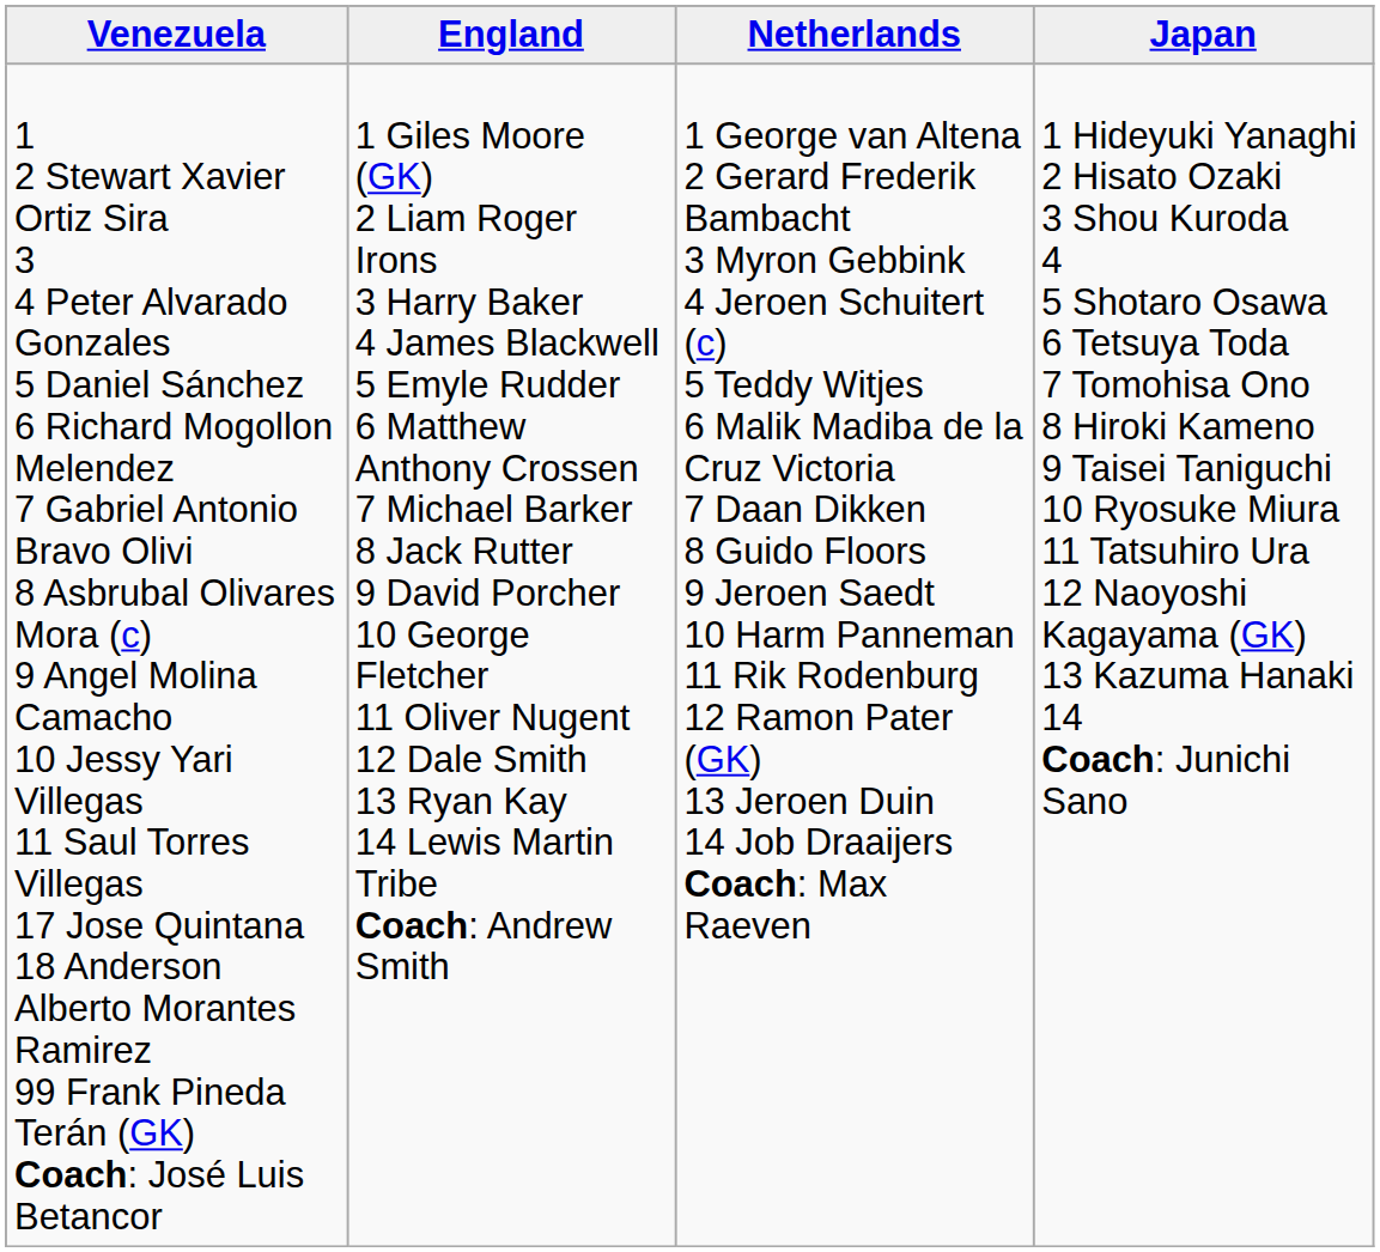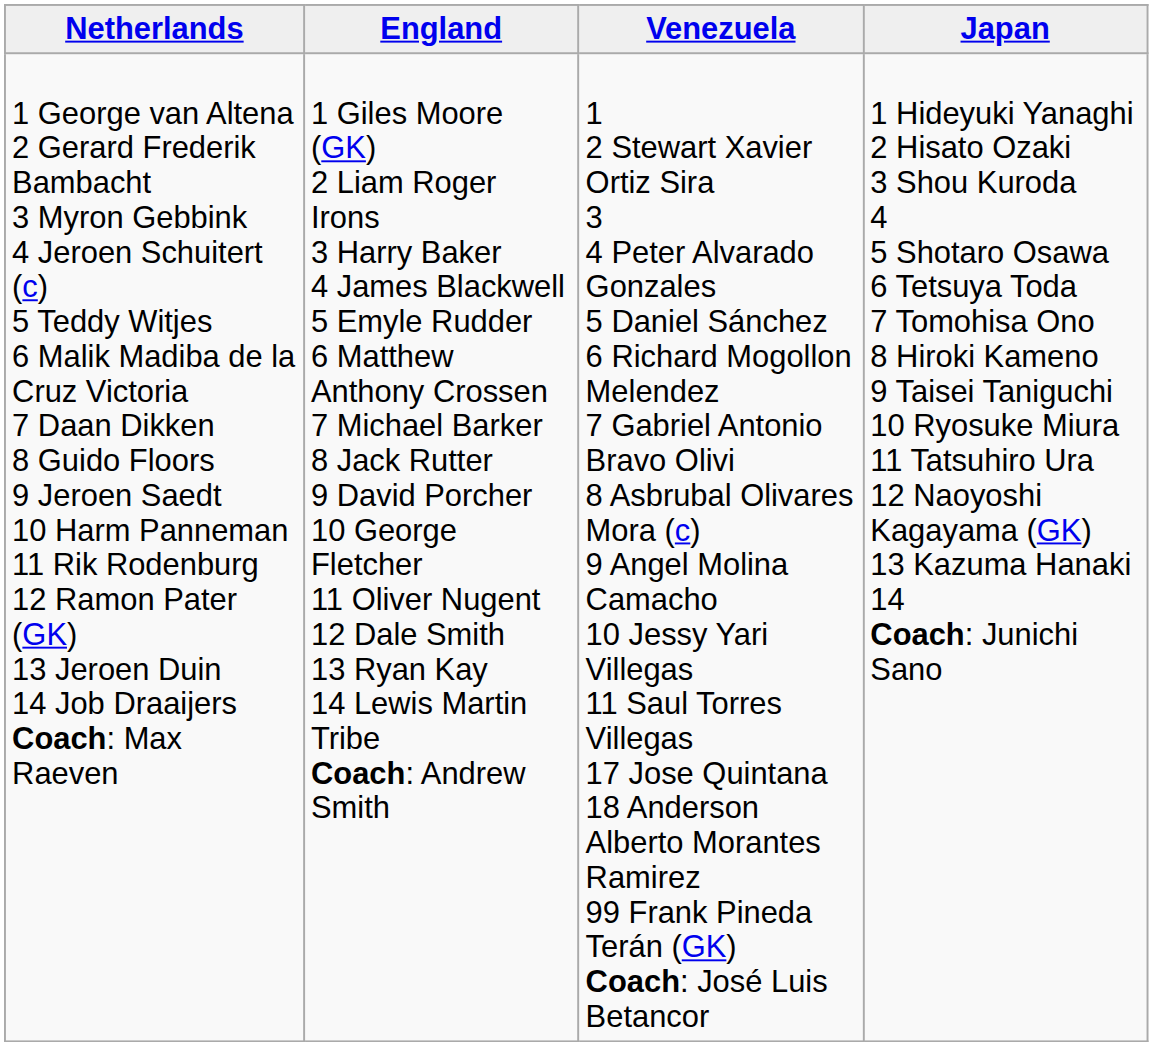 <table class="wikitable mw-collapsible mw-collapsed" cellpadding=5 cellspacing=0 style="width:95%">
 <tr align=center>
+<td bgcolor="#efefef" width="200"><strong> <a href='#'>Netherlands</a></strong></td>
+<td bgcolor="#efefef" width="200"><strong> <a href='#'>England</a></strong></td>
 <td bgcolor="#efefef" width="200"><strong> <a href='#'>Venezuela</a></strong></td>
-<td bgcolor="#efefef" width="200"><strong> <a href='#'>England</a></strong></td>
-<td bgcolor="#efefef" width="200"><strong> <a href='#'>Netherlands</a></strong></td>
 <td bgcolor="#efefef" width="200"><strong> <a href='#'>Japan</a></strong></td>
 </tr>
 <tr valign=top>
+<td><br>1 George van Altena<br> 2 Gerard Frederik Bambacht<br> 3 Myron Gebbink<br> 4 Jeroen Schuitert (<a href='#'>c</a>)<br> 5 Teddy Witjes<br> 6 Malik Madiba de la Cruz Victoria<br> 7 Daan Dikken<br> 8 Guido Floors<br> 9 Jeroen Saedt<br> 10 Harm Panneman<br> 11 Rik Rodenburg<br> 12 Ramon Pater (<a href='#'>GK</a>)<br> 13 Jeroen Duin<br> 14 Job Draaijers<br> <strong>Coach</strong>: Max Raeven</td>
+<td><br>1 Giles Moore (<a href='#'>GK</a>)<br> 2 Liam Roger Irons<br> 3 Harry Baker<br> 4 James Blackwell<br> 5 Emyle Rudder<br> 6 Matthew Anthony Crossen<br> 7 Michael Barker<br> 8 Jack Rutter<br> 9 David Porcher<br> 10 George Fletcher<br> 11 Oliver Nugent<br> 12 Dale Smith<br> 13 Ryan Kay<br> 14 Lewis Martin Tribe<br> <strong>Coach</strong>: Andrew Smith</td>
 <td><br>1 <br> 2 Stewart Xavier Ortiz Sira<br> 3 <br> 4 Peter Alvarado Gonzales<br> 5 Daniel Sánchez<br> 6 Richard Mogollon Melendez<br> 7 Gabriel Antonio Bravo Olivi<br> 8 Asbrubal Olivares Mora (<a href='#'>c</a>)<br> 9 Angel Molina Camacho<br> 10 Jessy Yari Villegas<br> 11 Saul Torres Villegas<br> 17 Jose Quintana<br> 18 Anderson Alberto Morantes Ramirez<br> 99 Frank Pineda Terán (<a href='#'>GK</a>)<br> <strong>Coach</strong>: José Luis Betancor</td>
-<td><br>1 Giles Moore (<a href='#'>GK</a>)<br> 2 Liam Roger Irons<br> 3 Harry Baker<br> 4 James Blackwell<br> 5 Emyle Rudder<br> 6 Matthew Anthony Crossen<br> 7 Michael Barker<br> 8 Jack Rutter<br> 9 David Porcher<br> 10 George Fletcher<br> 11 Oliver Nugent<br> 12 Dale Smith<br> 13 Ryan Kay<br> 14 Lewis Martin Tribe<br> <strong>Coach</strong>: Andrew Smith</td>
-<td><br>1 George van Altena<br> 2 Gerard Frederik Bambacht<br> 3 Myron Gebbink<br> 4 Jeroen Schuitert (<a href='#'>c</a>)<br> 5 Teddy Witjes<br> 6 Malik Madiba de la Cruz Victoria<br> 7 Daan Dikken<br> 8 Guido Floors<br> 9 Jeroen Saedt<br> 10 Harm Panneman<br> 11 Rik Rodenburg<br> 12 Ramon Pater (<a href='#'>GK</a>)<br> 13 Jeroen Duin<br> 14 Job Draaijers<br> <strong>Coach</strong>: Max Raeven</td>
 <td><br>1 Hideyuki Yanaghi<br> 2 Hisato Ozaki<br> 3 Shou Kuroda<br> 4 <br> 5 Shotaro Osawa<br> 6 Tetsuya Toda<br> 7 Tomohisa Ono<br> 8 Hiroki Kameno<br> 9 Taisei Taniguchi<br> 10 Ryosuke Miura<br> 11 Tatsuhiro Ura<br> 12 Naoyoshi Kagayama (<a href='#'>GK</a>)<br> 13 Kazuma Hanaki<br> 14 <br> <strong>Coach</strong>: Junichi Sano</td>
 </tr>
 </table>
